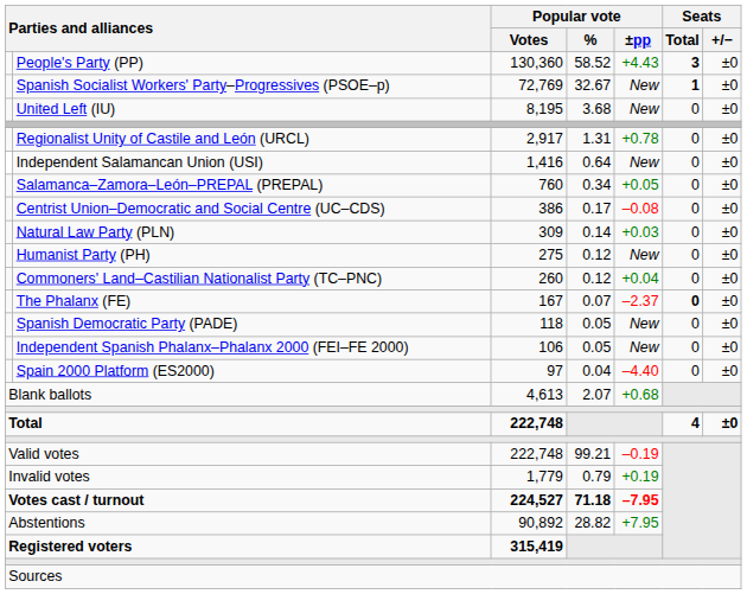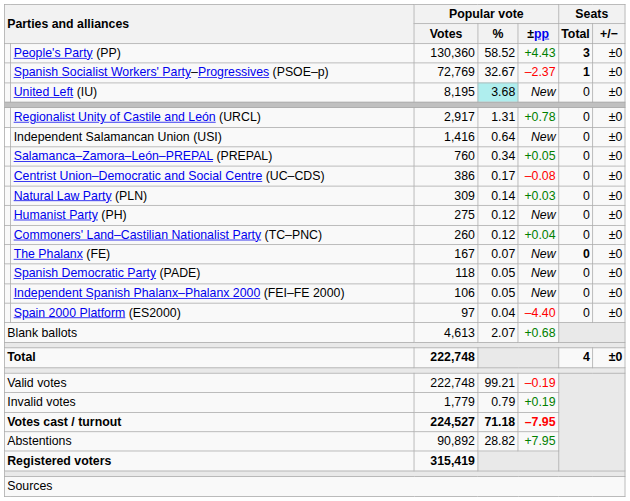 <table class="wikitable" style="text-align:right;">
 <tr>
 <th style="text-align:left;" rowspan="2" colspan="2" width="525">Parties and alliances</th>
 <th colspan="3">Popular vote</th>
 <th colspan="2">Seats</th>
 </tr>
 <tr>
 <th width="75">Votes</th>
 <th width="45">%</th>
 <th width="45">±<a href='#'>pp</a></th>
 <th width="35">Total</th>
 <th width="35">+/−</th>
 </tr>
 <tr>
 <td width="1" style="color:inherit;background:"></td>
 <td align="left"><a href='#'>People's Party</a> (PP)</td>
 <td>130,360</td>
 <td>58.52</td>
 <td style="color:green;">+4.43</td>
 <td><strong>3</strong></td>
 <td>±0</td>
 </tr>
 <tr>
 <td style="color:inherit;background:"></td>
 <td align="left"><a href='#'>Spanish Socialist Workers' Party</a>–<a href='#'>Progressives</a> (PSOE–p)</td>
 <td>72,769</td>
 <td>32.67</td>
-<td><em>New</em></td>
+<td style="color:red;">–2.37</td>
 <td><strong>1</strong></td>
 <td>±0</td>
 </tr>
 <tr>
 <td style="color:inherit;background:"></td>
 <td align="left"><a href='#'>United Left</a> (IU)</td>
 <td>8,195</td>
-<td>3.68</td>
+<td style="background: paleturquoise;">3.68</td>
 <td><em>New</em></td>
 <td>0</td>
 <td>±0</td>
 </tr>
 <tr>
 <td colspan="7" bgcolor="#C0C0C0"></td>
 </tr>
 <tr>
 <td style="color:inherit;background:"></td>
 <td align="left"><a href='#'>Regionalist Unity of Castile and León</a> (URCL)</td>
 <td>2,917</td>
 <td>1.31</td>
 <td style="color:green;">+0.78</td>
 <td>0</td>
 <td>±0</td>
 </tr>
 <tr>
 <td bgcolor="white"></td>
 <td align="left">Independent Salamancan Union (USI)</td>
 <td>1,416</td>
 <td>0.64</td>
 <td><em>New</em></td>
 <td>0</td>
 <td>±0</td>
 </tr>
 <tr>
 <td style="color:inherit;background:"></td>
 <td align="left"><a href='#'>Salamanca–Zamora–León–PREPAL</a> (PREPAL)</td>
 <td>760</td>
 <td>0.34</td>
 <td style="color:green;">+0.05</td>
 <td>0</td>
 <td>±0</td>
 </tr>
 <tr>
 <td style="color:inherit;background:"></td>
 <td align="left"><a href='#'>Centrist Union–Democratic and Social Centre</a> (UC–CDS)</td>
 <td>386</td>
 <td>0.17</td>
 <td style="color:red;">–0.08</td>
 <td>0</td>
 <td>±0</td>
 </tr>
 <tr>
 <td style="color:inherit;background:"></td>
 <td align="left"><a href='#'>Natural Law Party</a> (PLN)</td>
 <td>309</td>
 <td>0.14</td>
 <td style="color:green;">+0.03</td>
 <td>0</td>
 <td>±0</td>
 </tr>
 <tr>
 <td style="color:inherit;background:"></td>
 <td align="left"><a href='#'>Humanist Party</a> (PH)</td>
 <td>275</td>
 <td>0.12</td>
 <td><em>New</em></td>
 <td>0</td>
 <td>±0</td>
 </tr>
 <tr>
 <td style="color:inherit;background:"></td>
 <td align="left"><a href='#'>Commoners' Land–Castilian Nationalist Party</a> (TC–PNC)</td>
 <td>260</td>
 <td>0.12</td>
 <td style="color:green;">+0.04</td>
 <td>0</td>
 <td>±0</td>
 </tr>
 <tr>
 <td style="color:inherit;background:"></td>
 <td align="left"><a href='#'>The Phalanx</a> (FE)</td>
 <td>167</td>
 <td>0.07</td>
-<td style="color:red;">–2.37</td>
+<td><em>New</em></td>
 <td><strong>0</strong></td>
 <td>±0</td>
 </tr>
 <tr>
 <td style="color:inherit;background:"></td>
 <td align="left"><a href='#'>Spanish Democratic Party</a> (PADE)</td>
 <td>118</td>
 <td>0.05</td>
 <td><em>New</em></td>
 <td>0</td>
 <td>±0</td>
 </tr>
 <tr>
 <td style="color:inherit;background:"></td>
 <td align="left"><a href='#'>Independent Spanish Phalanx–Phalanx 2000</a> (FEI–FE 2000)</td>
 <td>106</td>
 <td>0.05</td>
 <td><em>New</em></td>
 <td>0</td>
 <td>±0</td>
 </tr>
 <tr>
 <td style="color:inherit;background:"></td>
 <td align="left"><a href='#'>Spain 2000 Platform</a> (ES2000)</td>
 <td>97</td>
 <td>0.04</td>
 <td style="color:red;">–4.40</td>
 <td>0</td>
 <td>±0</td>
 </tr>
 <tr>
 <td align="left" colspan="2">Blank ballots</td>
 <td>4,613</td>
 <td>2.07</td>
 <td style="color:green;">+0.68</td>
 <td bgcolor="#E9E9E9" colspan="2"></td>
 </tr>
 <tr>
 <td colspan="7" bgcolor="#E9E9E9"></td>
 </tr>
 <tr style="font-weight:bold;">
 <td align="left" colspan="2">Total</td>
 <td>222,748</td>
 <td bgcolor="#E9E9E9" colspan="2"></td>
 <td>4</td>
 <td>±0</td>
 </tr>
 <tr>
 <td colspan="7" bgcolor="#E9E9E9"></td>
 </tr>
 <tr>
 <td align="left" colspan="2">Valid votes</td>
 <td>222,748</td>
 <td>99.21</td>
 <td style="color:red;">–0.19</td>
 <td bgcolor="#E9E9E9" colspan="2" rowspan="5"></td>
 </tr>
 <tr>
 <td align="left" colspan="2">Invalid votes</td>
 <td>1,779</td>
 <td>0.79</td>
 <td style="color:green;">+0.19</td>
 </tr>
 <tr style="font-weight:bold;">
 <td align="left" colspan="2">Votes cast / turnout</td>
 <td>224,527</td>
 <td>71.18</td>
 <td style="color:red;">–7.95</td>
 </tr>
 <tr>
 <td align="left" colspan="2">Abstentions</td>
 <td>90,892</td>
 <td>28.82</td>
 <td style="color:green;">+7.95</td>
 </tr>
 <tr style="font-weight:bold;">
 <td align="left" colspan="2">Registered voters</td>
 <td>315,419</td>
 <td bgcolor="#E9E9E9" colspan="2"></td>
 </tr>
 <tr>
 <td colspan="7" bgcolor="#E9E9E9"></td>
 </tr>
 <tr>
 <td align="left" colspan="7">Sources</td>
 </tr>
 </table>
